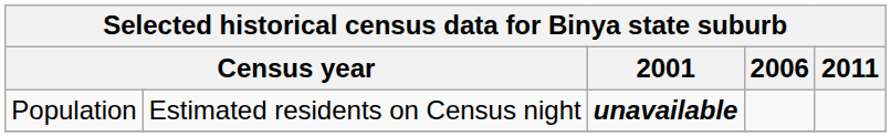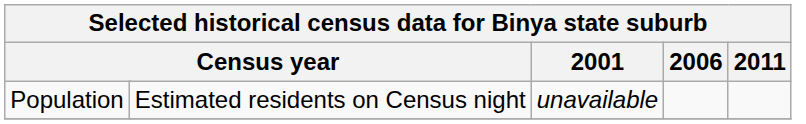 <table class="wikitable">
 <tr>
 <th colspan=6>Selected historical census data for Binya state suburb</th>
 </tr>
 <tr>
 <th colspan=3>Census year</th>
 <th>2001</th>
 <th>2006</th>
 <th>2011</th>
 </tr>
 <tr>
 <td colspan="2">Population</td>
 <td>Estimated residents on Census night</td>
-<td align="right"><strong><em>unavailable</em></strong></td>
+<td align="right"><em>unavailable</em></td>
 <td align="right"></td>
 <td align="right"></td>
 </tr>
 <tr>
 </tr>
 </table>
